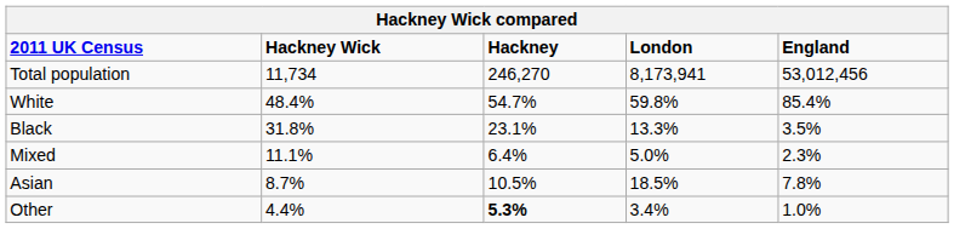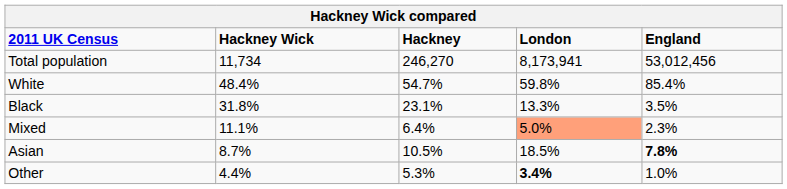 <table class="wikitable" id="toc" cellspacing="5" style="float: right; margin-left: 1em; width: 40%; font-size: 90%;">
 <tr>
 <th colspan="5"><strong>Hackney Wick compared</strong></th>
 </tr>
 <tr>
 <td><strong><a href='#'>2011 UK Census</a></strong></td>
 <td><strong>Hackney Wick</strong></td>
 <td><strong>Hackney</strong></td>
 <td><strong>London</strong></td>
 <td><strong>England</strong></td>
 </tr>
 <tr>
 <td>Total population</td>
 <td>11,734</td>
 <td>246,270</td>
 <td>8,173,941</td>
 <td>53,012,456</td>
 </tr>
 <tr>
 <td>White</td>
 <td>48.4%</td>
 <td>54.7%</td>
 <td>59.8%</td>
 <td>85.4%</td>
 </tr>
 <tr>
 <td>Black</td>
 <td>31.8%</td>
 <td>23.1%</td>
 <td>13.3%</td>
 <td>3.5%</td>
 </tr>
 <tr>
 <td>Mixed</td>
 <td>11.1%</td>
 <td>6.4%</td>
-<td>5.0%</td>
+<td style="background: lightsalmon;">5.0%</td>
 <td>2.3%</td>
 </tr>
 <tr>
 <td>Asian</td>
 <td>8.7%</td>
 <td>10.5%</td>
 <td>18.5%</td>
-<td>7.8%</td>
+<td><strong>7.8%</strong></td>
 </tr>
 <tr>
 <td>Other</td>
 <td>4.4%</td>
-<td><strong>5.3%</strong></td>
-<td>3.4%</td>
+<td>5.3%</td>
+<td><strong>3.4%</strong></td>
 <td>1.0%</td>
 </tr>
 </table>
